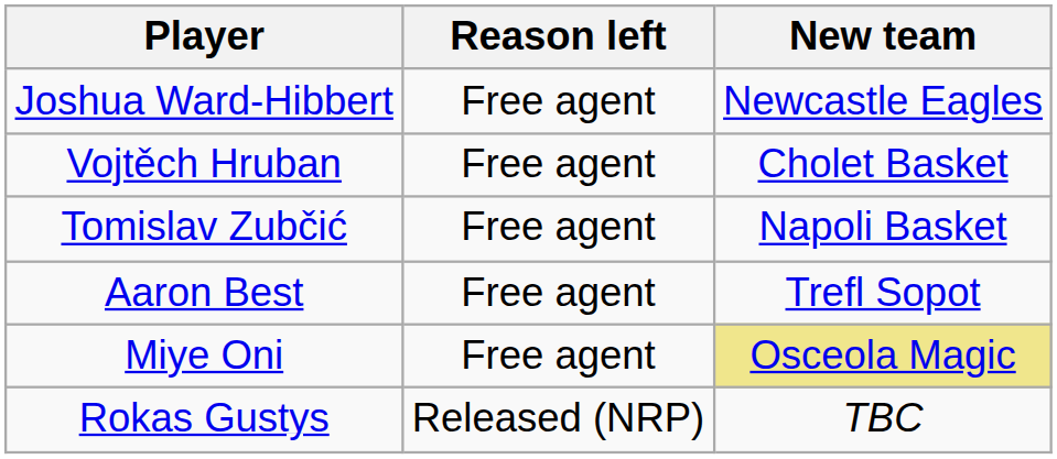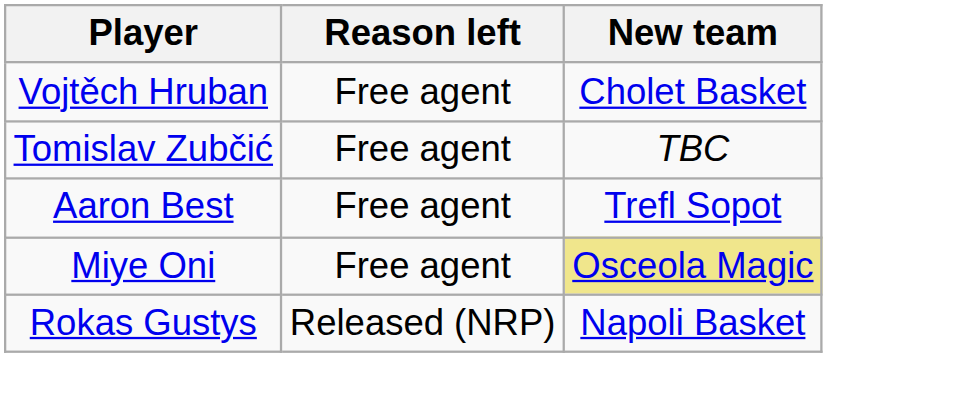 <table class="wikitable sortable sortable" style="text-align: center">
 <tr>
 <th>Player</th>
 <th>Reason left</th>
 <th>New team</th>
-</tr>
-<tr>
-<td><a href='#'>Joshua Ward-Hibbert</a></td>
-<td>Free agent</td>
-<td><a href='#'>Newcastle Eagles</a></td>
 </tr>
 <tr>
 <td><a href='#'>Vojtěch Hruban</a></td>
 <td>Free agent</td>
 <td><a href='#'>Cholet Basket</a></td>
 </tr>
 <tr>
 <td><a href='#'>Tomislav Zubčić</a></td>
 <td>Free agent</td>
-<td><a href='#'>Napoli Basket</a></td>
+<td><em>TBC</em></td>
 </tr>
 <tr>
 <td><a href='#'>Aaron Best</a></td>
 <td>Free agent</td>
 <td><a href='#'>Trefl Sopot</a></td>
 </tr>
 <tr>
 <td><a href='#'>Miye Oni</a></td>
 <td>Free agent</td>
 <td style="background: khaki;"><a href='#'>Osceola Magic</a></td>
 </tr>
 <tr>
 <td><a href='#'>Rokas Gustys</a></td>
 <td>Released (NRP)</td>
-<td><em>TBC</em></td>
+<td><a href='#'>Napoli Basket</a></td>
 </tr>
 </table>
